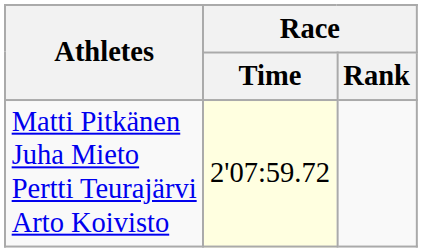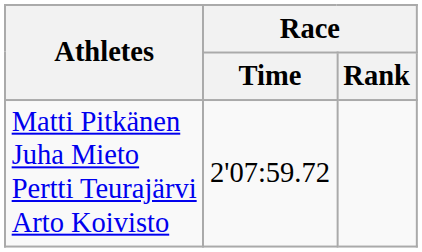 <table class="wikitable" border="1" style="font-size:90%">
 <tr>
 <th rowspan=2>Athletes</th>
 <th colspan=2>Race</th>
 </tr>
 <tr>
 <th>Time</th>
 <th>Rank</th>
 </tr>
 <tr>
 <td><a href='#'>Matti Pitkänen</a><br><a href='#'>Juha Mieto</a><br><a href='#'>Pertti Teurajärvi</a><br><a href='#'>Arto Koivisto</a></td>
-<td align=center style="background: lightyellow;">2'07:59.72</td>
+<td align=center>2'07:59.72</td>
 <td align=center></td>
 </tr>
 </table>
